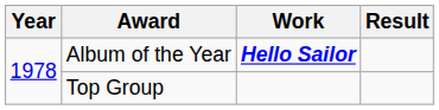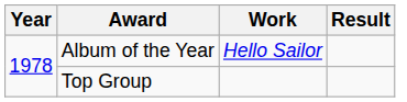 <table class="wikitable">
 <tr>
 <th>Year</th>
 <th>Award</th>
 <th>Work</th>
 <th>Result</th>
 </tr>
 <tr>
 <td rowspan=2><a href='#'>1978</a></td>
 <td>Album of the Year</td>
-<td><strong><em><a href='#'>Hello Sailor</a></em></strong></td>
+<td><em><a href='#'>Hello Sailor</a></em></td>
 <td></td>
 </tr>
 <tr>
 <td>Top Group</td>
 <td></td>
 <td></td>
 </tr>
 </table>
